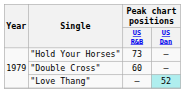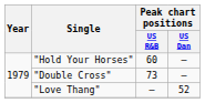 <table class="wikitable" style="text-align:center;">
 <tr>
 <th rowspan="2">Year</th>
 <th rowspan="2">Single</th>
 <th colspan="2">Peak chart positions</th>
 </tr>
 <tr style="font-size:smaller;">
 <th width="40"><a href='#'>US<br>R&B</a><br></th>
 <th width="40"><a href='#'>US<br>Dan</a><br></th>
 </tr>
 <tr>
 <td rowspan="3">1979</td>
 <td align="left">"Hold Your Horses"</td>
-<td>73</td>
+<td>60</td>
 <td>—</td>
 </tr>
 <tr>
 <td align="left">"Double Cross"</td>
-<td>60</td>
+<td>73</td>
 <td>—</td>
 </tr>
 <tr>
 <td align="left">"Love Thang"</td>
 <td>—</td>
-<td style="background: paleturquoise;">52</td>
+<td>52</td>
 </tr>
 <tr>
 </tr>
 </table>
